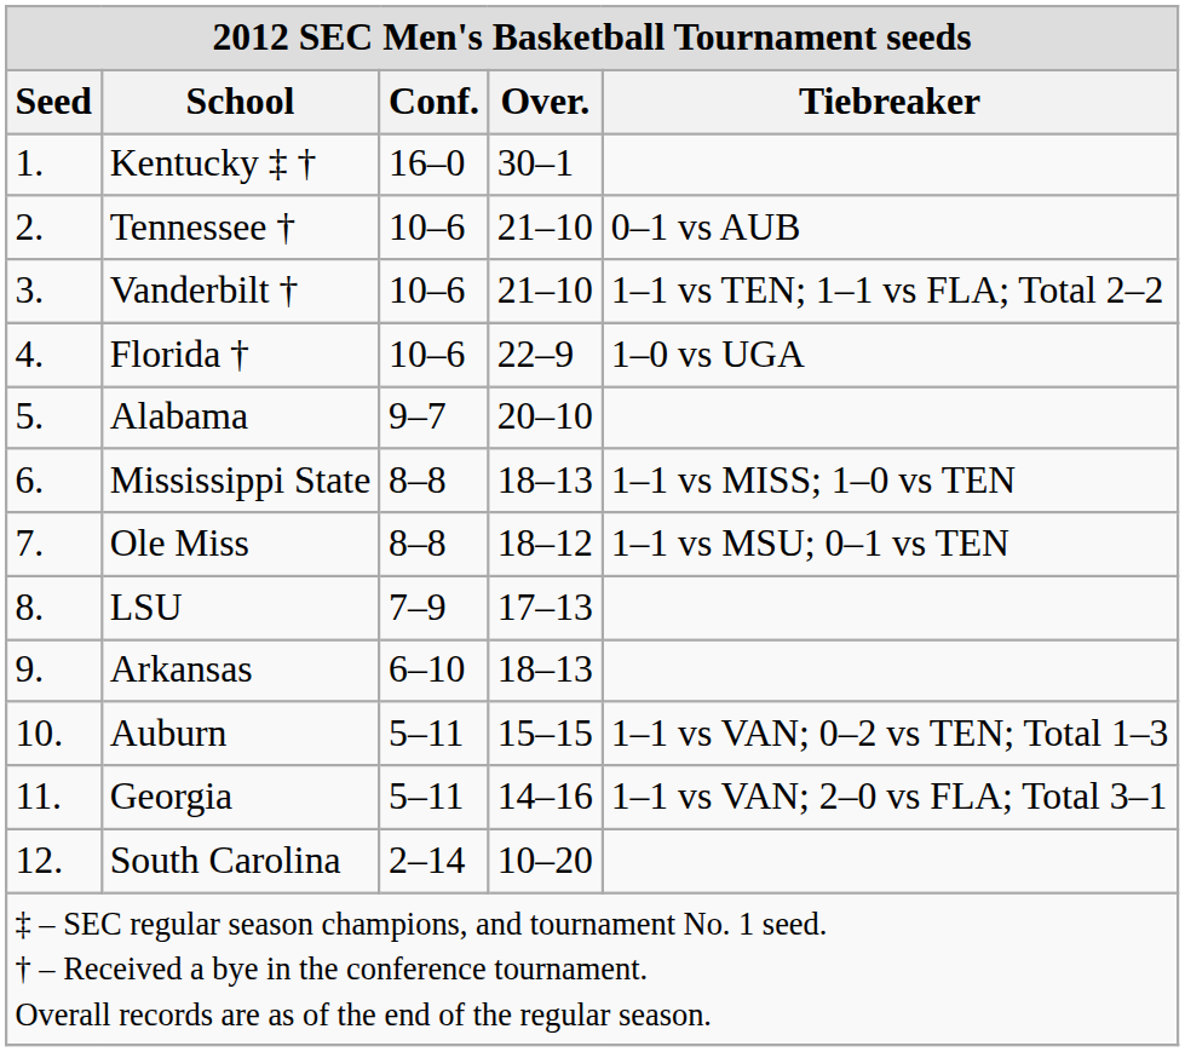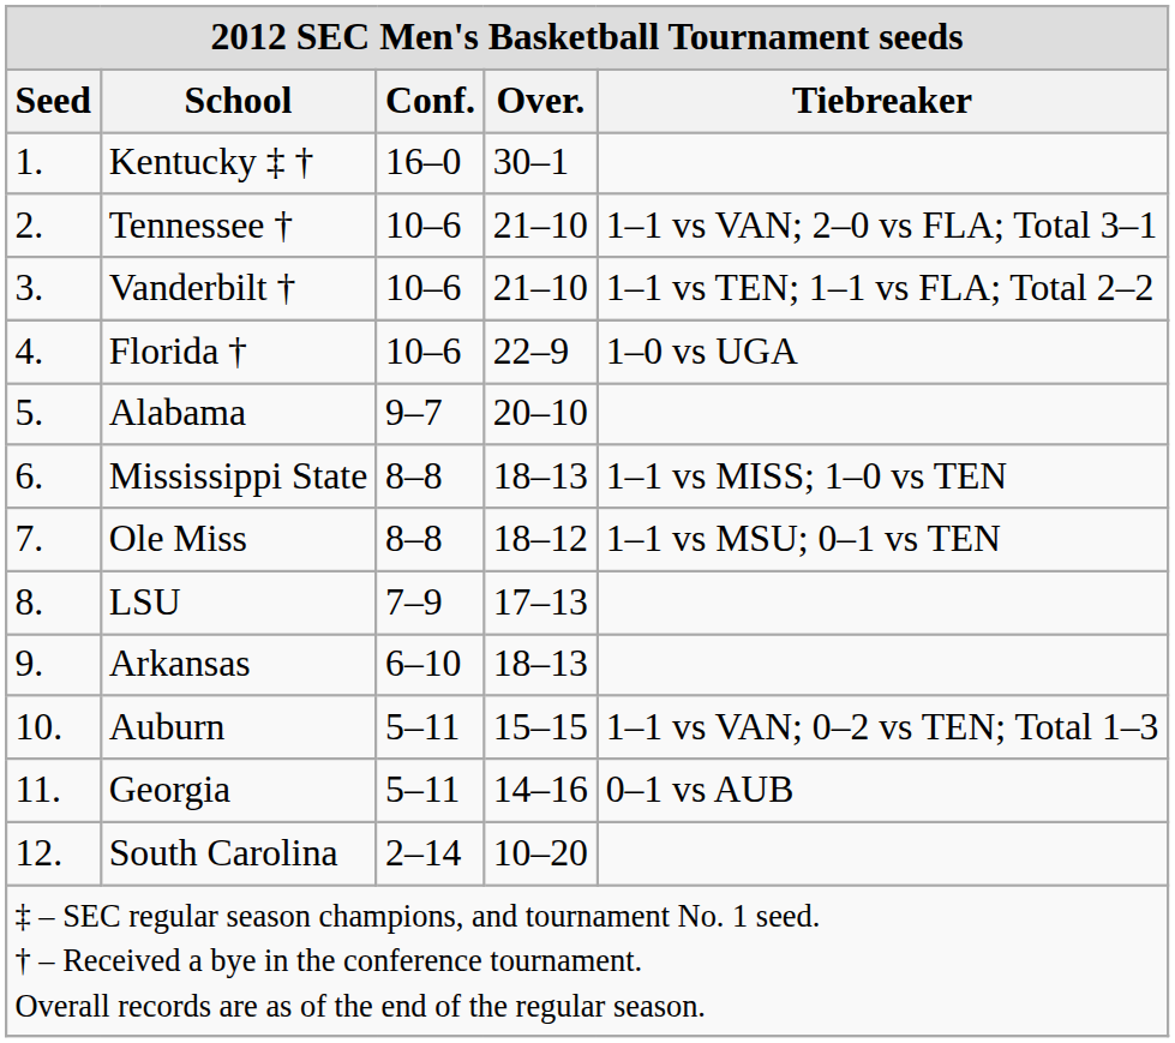 <table class="wikitable" style="white-space:nowrap; font-size:90%;">
 <tr>
 <td colspan="7" style="text-align:center; background:#DDDDDD; font:#000000"><strong>2012 SEC Men's Basketball Tournament seeds</strong></td>
 </tr>
 <tr bgcolor="#efefef">
 <th>Seed</th>
 <th>School</th>
 <th>Conf.</th>
 <th>Over.</th>
 <th>Tiebreaker</th>
 </tr>
 <tr>
 <td>1.</td>
 <td>Kentucky ‡ †</td>
 <td>16–0</td>
 <td>30–1</td>
 <td></td>
 </tr>
 <tr>
 <td>2.</td>
 <td>Tennessee †</td>
 <td>10–6</td>
 <td>21–10</td>
-<td>0–1 vs AUB</td>
+<td>1–1 vs VAN; 2–0 vs FLA; Total 3–1</td>
 </tr>
 <tr>
 <td>3.</td>
 <td>Vanderbilt †</td>
 <td>10–6</td>
 <td>21–10</td>
 <td>1–1 vs TEN; 1–1 vs FLA; Total 2–2</td>
 </tr>
 <tr>
 </tr>
 <tr>
 <td>4.</td>
 <td>Florida †</td>
 <td>10–6</td>
 <td>22–9</td>
 <td>1–0 vs UGA</td>
 </tr>
 <tr>
 <td>5.</td>
 <td>Alabama</td>
 <td>9–7</td>
 <td>20–10</td>
 <td></td>
 </tr>
 <tr>
 <td>6.</td>
 <td>Mississippi State</td>
 <td>8–8</td>
 <td>18–13</td>
 <td>1–1 vs MISS; 1–0 vs TEN</td>
 </tr>
 <tr>
 <td>7.</td>
 <td>Ole Miss</td>
 <td>8–8</td>
 <td>18–12</td>
 <td>1–1 vs MSU; 0–1 vs TEN</td>
 </tr>
 <tr>
 <td>8.</td>
 <td>LSU</td>
 <td>7–9</td>
 <td>17–13</td>
 <td></td>
 </tr>
 <tr>
 <td>9.</td>
 <td>Arkansas</td>
 <td>6–10</td>
 <td>18–13</td>
 <td></td>
 </tr>
 <tr>
 <td>10.</td>
 <td>Auburn</td>
 <td>5–11</td>
 <td>15–15</td>
 <td>1–1 vs VAN; 0–2 vs TEN; Total 1–3</td>
 </tr>
 <tr>
 <td>11.</td>
 <td>Georgia</td>
 <td>5–11</td>
 <td>14–16</td>
-<td>1–1 vs VAN; 2–0 vs FLA; Total 3–1</td>
+<td>0–1 vs AUB</td>
 </tr>
 <tr>
 <td>12.</td>
 <td>South Carolina</td>
 <td>2–14</td>
 <td>10–20</td>
 <td></td>
 </tr>
 <tr>
 <td colspan="6" style="text-align:left;"><small>‡ – SEC regular season champions, and tournament No. 1 seed.<br>† – Received a bye in the conference tournament.<br>Overall records are as of the end of the regular season.</small></td>
 </tr>
 <tr>
 </tr>
 </table>
